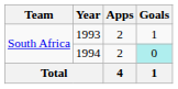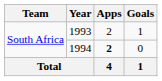 <table class="wikitable" style="text-align:center">
 <tr>
 <th>Team</th>
 <th>Year</th>
 <th>Apps</th>
 <th>Goals</th>
 </tr>
 <tr>
 <td rowspan=2><a href='#'>South Africa</a></td>
 <td>1993</td>
 <td>2</td>
 <td>1</td>
 </tr>
 <tr>
 <td>1994</td>
-<td>2</td>
-<td style="background: paleturquoise;">0</td>
+<td><strong>2</strong></td>
+<td>0</td>
 </tr>
 <tr>
 <th colspan=2>Total</th>
 <th>4</th>
 <th>1</th>
 </tr>
 </table>
